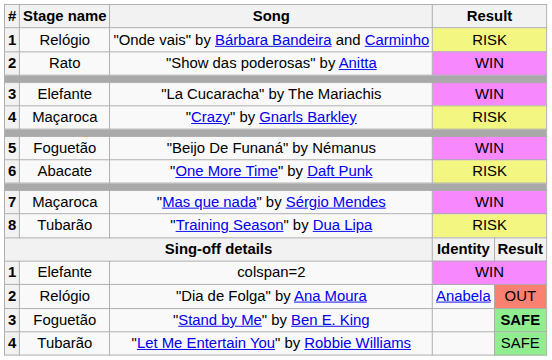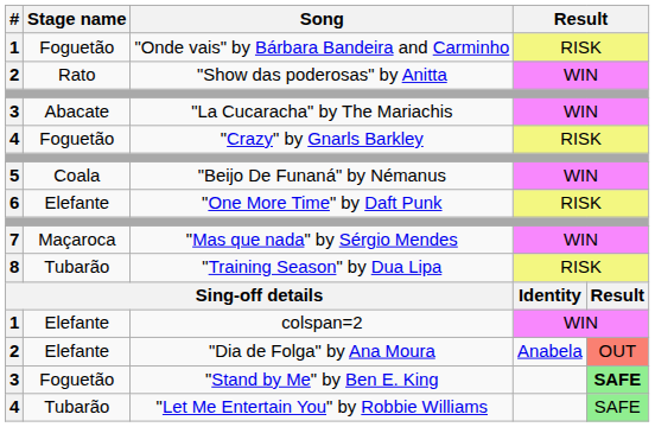 <table class="wikitable plainrowheaders" style="text-align: center;">
 <tr>
 <th>#</th>
 <th>Stage name</th>
 <th>Song</th>
 <th colspan=2>Result</th>
 </tr>
 <tr>
 <th>1</th>
-<td>Relógio</td>
+<td>Foguetão</td>
 <td>"Onde vais" by <a href='#'>Bárbara Bandeira</a> and <a href='#'>Carminho</a></td>
 <td colspan=2 bgcolor="F3F781">RISK</td>
 </tr>
 <tr>
 <th>2</th>
 <td>Rato</td>
 <td>"Show das poderosas" by <a href='#'>Anitta</a></td>
 <td colspan=2 bgcolor="#F888FD">WIN</td>
 </tr>
 <tr>
 <td colspan="5" style="background:darkgray"></td>
 </tr>
 <tr>
 <th>3</th>
-<td>Elefante</td>
+<td>Abacate</td>
 <td>"La Cucaracha" by The Mariachis</td>
 <td colspan=2 bgcolor="#F888FD">WIN</td>
 </tr>
 <tr>
 <th>4</th>
-<td>Maçaroca</td>
+<td>Foguetão</td>
 <td>"<a href='#'>Crazy</a>" by <a href='#'>Gnarls Barkley</a></td>
 <td colspan=2 bgcolor="F3F781">RISK</td>
 </tr>
 <tr>
 <td colspan="5" style="background:darkgray"></td>
 </tr>
 <tr>
 <th>5</th>
-<td>Foguetão</td>
+<td>Coala</td>
 <td>"Beijo De Funaná" by Némanus</td>
 <td colspan=2 bgcolor="#F888FD">WIN</td>
 </tr>
 <tr>
 <th>6</th>
-<td>Abacate</td>
+<td>Elefante</td>
 <td>"<a href='#'>One More Time</a>" by <a href='#'>Daft Punk</a></td>
 <td colspan=2 bgcolor="F3F781">RISK</td>
 </tr>
 <tr>
 <td colspan="5" style="background:darkgray"></td>
 </tr>
 <tr>
 <th>7</th>
 <td>Maçaroca</td>
 <td>"<a href='#'>Mas que nada</a>" by <a href='#'>Sérgio Mendes</a></td>
 <td colspan=2 bgcolor="#F888FD">WIN</td>
 </tr>
 <tr>
 <th>8</th>
 <td>Tubarão</td>
 <td>"<a href='#'>Training Season</a>" by <a href='#'>Dua Lipa</a></td>
 <td colspan=2 bgcolor="F3F781">RISK</td>
 </tr>
 <tr>
 <th colspan="3">Sing-off details</th>
 <th>Identity</th>
 <th>Result</th>
 </tr>
 <tr>
 <th>1</th>
 <td>Elefante</td>
 <td>colspan=2 </td>
 <td colspan=2 bgcolor="#F888FD">WIN</td>
 </tr>
 <tr>
 <th>2</th>
-<td>Relógio</td>
+<td>Elefante</td>
 <td>"Dia de Folga" by <a href='#'>Ana Moura</a></td>
 <td><a href='#'>Anabela</a></td>
 <td bgcolor="salmon">OUT</td>
 </tr>
 <tr>
 <th>3</th>
 <td>Foguetão</td>
 <td>"<a href='#'>Stand by Me</a>" by <a href='#'>Ben E. King</a></td>
 <td></td>
 <td bgcolor=lightgreen><strong>SAFE</strong></td>
 </tr>
 <tr>
 <th>4</th>
 <td>Tubarão</td>
 <td>"<a href='#'>Let Me Entertain You</a>" by <a href='#'>Robbie Williams</a></td>
 <td></td>
 <td bgcolor=lightgreen>SAFE</td>
 </tr>
 </table>
